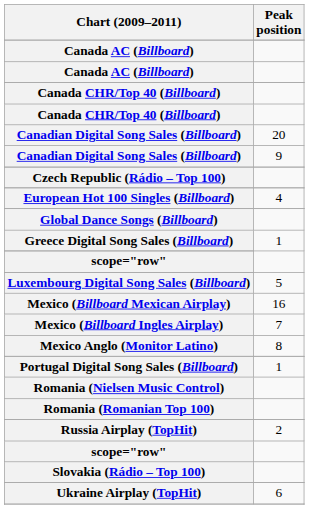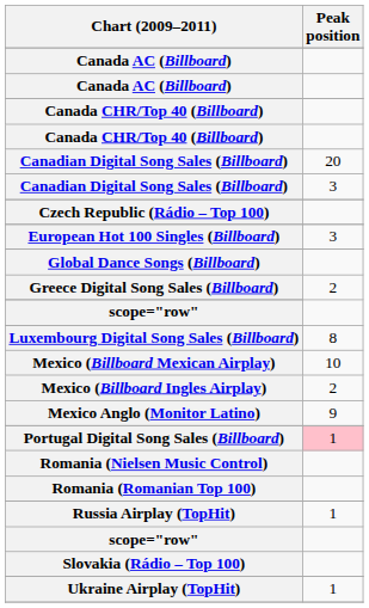 <table class="wikitable sortable plainrowheaders" style="text-align:center">
 <tr>
 <th scope="col">Chart (2009–2011)</th>
 <th scope="col">Peak<br>position</th>
 </tr>
 <tr>
 </tr>
 <tr>
 </tr>
 <tr>
 </tr>
 <tr>
 </tr>
 <tr>
 </tr>
 <tr>
 <th scope="row">Canada <a href='#'>AC</a> (<em><a href='#'>Billboard</a></em>)</th>
 <td></td>
 </tr>
 <tr>
 <th scope="row">Canada <a href='#'>AC</a> (<em><a href='#'>Billboard</a></em>)<br></th>
 <td></td>
 </tr>
 <tr>
 </tr>
 <tr>
 <th scope="row">Canada <a href='#'>CHR/Top 40</a> (<em><a href='#'>Billboard</a></em>)</th>
 <td></td>
 </tr>
 <tr>
 <th scope="row">Canada <a href='#'>CHR/Top 40</a> (<em><a href='#'>Billboard</a></em>)<br></th>
 <td></td>
 </tr>
 <tr>
 <th scope="row"><a href='#'>Canadian Digital Song Sales</a> (<em><a href='#'>Billboard</a></em>)</th>
 <td>20</td>
 </tr>
 <tr>
 <th scope="row"><a href='#'>Canadian Digital Song Sales</a> (<em><a href='#'>Billboard</a></em>)<br></th>
-<td>9</td>
+<td>3</td>
 </tr>
 <tr>
 </tr>
 <tr>
 <th scope="row">Czech Republic (<a href='#'>Rádio – Top 100</a>)</th>
 <td></td>
 </tr>
 <tr>
 </tr>
 <tr>
 <th scope="row"><a href='#'>European Hot 100 Singles</a> (<em><a href='#'>Billboard</a></em>)</th>
-<td>4</td>
+<td>3</td>
 </tr>
 <tr>
 </tr>
 <tr>
 </tr>
 <tr>
 </tr>
 <tr>
 </tr>
 <tr>
 </tr>
 <tr>
 <th scope="row"><a href='#'>Global Dance Songs</a> (<em><a href='#'>Billboard</a></em>)</th>
 <td></td>
 </tr>
 <tr>
 <th scope="row">Greece Digital Song Sales (<em><a href='#'>Billboard</a></em>)</th>
-<td>1</td>
+<td>2</td>
 </tr>
 <tr>
 </tr>
 <tr>
 <th>scope="row"</th>
 </tr>
 <tr>
 </tr>
 <tr>
 </tr>
 <tr>
 <th scope="row"><a href='#'>Luxembourg Digital Song Sales</a> (<em><a href='#'>Billboard</a></em>)</th>
-<td>5</td>
+<td>8</td>
 </tr>
 <tr>
 <th scope="row">Mexico (<a href='#'><em>Billboard</em> Mexican Airplay</a>)</th>
-<td>16</td>
+<td>10</td>
 </tr>
 <tr>
 <th scope="row">Mexico (<a href='#'><em>Billboard</em> Ingles Airplay</a>)</th>
-<td>7</td>
+<td>2</td>
 </tr>
 <tr>
 <th scope="row">Mexico Anglo (<a href='#'>Monitor Latino</a>)</th>
-<td>8</td>
+<td>9</td>
 </tr>
 <tr>
 </tr>
 <tr>
 </tr>
 <tr>
 </tr>
 <tr>
 </tr>
 <tr>
 <th scope="row">Portugal Digital Song Sales (<em><a href='#'>Billboard</a></em>)</th>
-<td>1</td>
+<td style="background: pink;">1</td>
 </tr>
 <tr>
 <th scope="row">Romania (<a href='#'>Nielsen Music Control</a>)</th>
 <td></td>
 </tr>
 <tr>
 <th scope="row">Romania (<a href='#'>Romanian Top 100</a>)</th>
 <td></td>
 </tr>
 <tr>
 </tr>
 <tr>
 </tr>
 <tr>
 <th scope="row">Russia Airplay (<a href='#'>TopHit</a>)</th>
-<td>2</td>
+<td>1</td>
 </tr>
 <tr>
 <th>scope="row"</th>
 </tr>
 <tr>
 <th scope="row">Slovakia (<a href='#'>Rádio – Top 100</a>)</th>
 <td></td>
 </tr>
 <tr>
 </tr>
 <tr>
 </tr>
 <tr>
 </tr>
 <tr>
 </tr>
 <tr>
 <th scope="row">Ukraine Airplay (<a href='#'>TopHit</a>)</th>
-<td>6</td>
+<td>1</td>
 </tr>
 <tr>
 </tr>
 <tr>
 </tr>
 <tr>
 </tr>
 <tr>
 </tr>
 <tr>
 </tr>
 <tr>
 </tr>
 <tr>
 </tr>
 <tr>
 </tr>
 <tr>
 </tr>
 </table>
